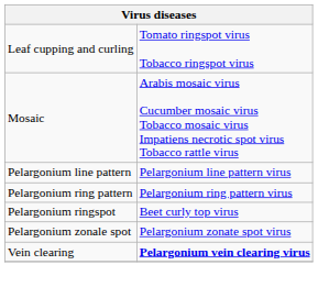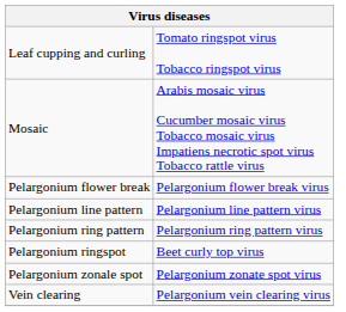 <table class="wikitable" style="clear">
 <tr>
 <th colspan=2><strong>Virus diseases</strong><br></th>
 </tr>
 <tr>
 <td>Leaf cupping and curling</td>
 <td><a href='#'>Tomato ringspot virus</a> <br><br><a href='#'>Tobacco ringspot virus</a></td>
 </tr>
 <tr>
 <td>Mosaic</td>
 <td><a href='#'>Arabis mosaic virus</a><br><br><a href='#'>Cucumber mosaic virus</a><br>  <a href='#'>Tobacco mosaic virus</a><br>  <a href='#'>Impatiens necrotic spot virus</a> <br> <a href='#'>Tobacco rattle virus</a></td>
+</tr>
+<tr>
+<td>Pelargonium flower break</td>
+<td><a href='#'>Pelargonium flower break virus</a></td>
 </tr>
 <tr>
 <td>Pelargonium line pattern</td>
 <td><a href='#'>Pelargonium line pattern virus</a></td>
 </tr>
 <tr>
 <td>Pelargonium ring pattern</td>
 <td><a href='#'>Pelargonium ring pattern virus</a></td>
 </tr>
 <tr>
 <td>Pelargonium ringspot</td>
 <td><a href='#'>Beet curly top virus</a></td>
 </tr>
 <tr>
 <td>Pelargonium zonale spot</td>
 <td><a href='#'>Pelargonium zonate spot virus</a></td>
 </tr>
 <tr>
 <td>Vein clearing</td>
-<td><strong><a href='#'>Pelargonium vein clearing virus</a></strong></td>
+<td><a href='#'>Pelargonium vein clearing virus</a></td>
 </tr>
 <tr>
 </tr>
 </table>
